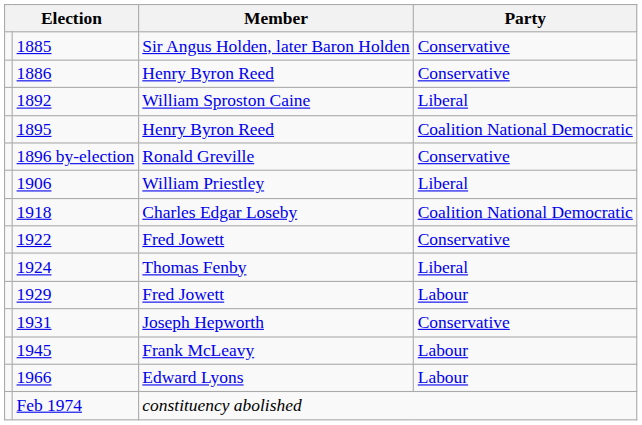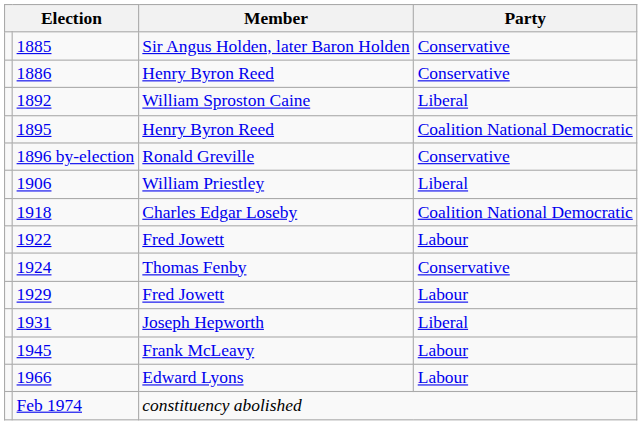 <table class="wikitable">
 <tr>
 <th colspan=2>Election</th>
 <th>Member</th>
 <th>Party</th>
 </tr>
 <tr>
 <td style="color:inherit;background-color: "></td>
 <td><a href='#'>1885</a></td>
 <td><a href='#'>Sir Angus Holden, later Baron Holden</a></td>
 <td><a href='#'>Conservative</a></td>
 </tr>
 <tr>
 <td style="color:inherit;background-color: "></td>
 <td><a href='#'>1886</a></td>
 <td><a href='#'>Henry Byron Reed</a></td>
 <td><a href='#'>Conservative</a></td>
 </tr>
 <tr>
 <td style="color:inherit;background-color: "></td>
 <td><a href='#'>1892</a></td>
 <td><a href='#'>William Sproston Caine</a></td>
 <td><a href='#'>Liberal</a></td>
 </tr>
 <tr>
 <td style="color:inherit;background-color: "></td>
 <td><a href='#'>1895</a></td>
 <td><a href='#'>Henry Byron Reed</a></td>
 <td><a href='#'>Coalition National Democratic</a></td>
 </tr>
 <tr>
 <td style="color:inherit;background-color: "></td>
 <td><a href='#'>1896 by-election</a></td>
 <td><a href='#'>Ronald Greville</a></td>
 <td><a href='#'>Conservative</a></td>
 </tr>
 <tr>
 <td style="color:inherit;background-color: "></td>
 <td><a href='#'>1906</a></td>
 <td><a href='#'>William Priestley</a></td>
 <td><a href='#'>Liberal</a></td>
 </tr>
 <tr>
 <td style="color:inherit;background-color: "></td>
 <td><a href='#'>1918</a></td>
 <td><a href='#'>Charles Edgar Loseby</a></td>
 <td><a href='#'>Coalition National Democratic</a></td>
 </tr>
 <tr>
 <td style="color:inherit;background-color: "></td>
 <td><a href='#'>1922</a></td>
 <td><a href='#'>Fred Jowett</a></td>
-<td><a href='#'>Conservative</a></td>
+<td><a href='#'>Labour</a></td>
 </tr>
 <tr>
 <td style="color:inherit;background-color: "></td>
 <td><a href='#'>1924</a></td>
 <td><a href='#'>Thomas Fenby</a></td>
-<td><a href='#'>Liberal</a></td>
+<td><a href='#'>Conservative</a></td>
 </tr>
 <tr>
 <td style="color:inherit;background-color: "></td>
 <td><a href='#'>1929</a></td>
 <td><a href='#'>Fred Jowett</a></td>
 <td><a href='#'>Labour</a></td>
 </tr>
 <tr>
 <td style="color:inherit;background-color: "></td>
 <td><a href='#'>1931</a></td>
 <td><a href='#'>Joseph Hepworth</a></td>
-<td><a href='#'>Conservative</a></td>
+<td><a href='#'>Liberal</a></td>
 </tr>
 <tr>
 <td style="color:inherit;background-color: "></td>
 <td><a href='#'>1945</a></td>
 <td><a href='#'>Frank McLeavy</a></td>
 <td><a href='#'>Labour</a></td>
 </tr>
 <tr>
 <td style="color:inherit;background-color: "></td>
 <td><a href='#'>1966</a></td>
 <td><a href='#'>Edward Lyons</a></td>
 <td><a href='#'>Labour</a></td>
 </tr>
 <tr>
 <td></td>
 <td><a href='#'>Feb 1974</a></td>
 <td colspan=2><em>constituency abolished</em></td>
 </tr>
 </table>
